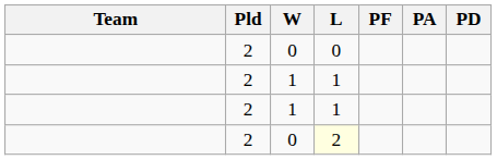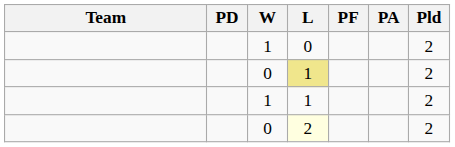 <table class=wikitable style="text-align:center">
 <tr>
 <th width=180>Team</th>
-<th width=30>Pld</th>
+<th width=30>PD</th>
 <th width=30>W</th>
 <th width=30>L</th>
 <th width=30>PF</th>
 <th width=30>PA</th>
-<th width=30>PD</th>
+<th width=30>Pld</th>
 </tr>
 <tr>
 <td align=left></td>
-<td>2</td>
-<td>0</td>
+<td></td>
+<td>1</td>
 <td>0</td>
 <td></td>
 <td></td>
-<td></td>
+<td>2</td>
 </tr>
 <tr>
 <td align=left></td>
+<td></td>
+<td>0</td>
+<td style="background: khaki;">1</td>
+<td></td>
+<td></td>
 <td>2</td>
+</tr>
+<tr>
+<td align=left></td>
+<td></td>
 <td>1</td>
 <td>1</td>
 <td></td>
 <td></td>
-<td></td>
+<td>2</td>
 </tr>
 <tr>
 <td align=left></td>
-<td>2</td>
-<td>1</td>
-<td>1</td>
 <td></td>
-<td></td>
-<td></td>
-</tr>
-<tr>
-<td align=left></td>
-<td>2</td>
 <td>0</td>
 <td style="background: lightyellow;">2</td>
 <td></td>
 <td></td>
-<td></td>
+<td>2</td>
 </tr>
 </table>
